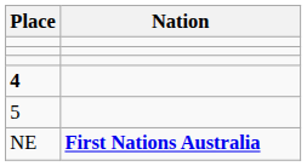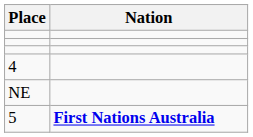 <table class=wikitable style=text-align:left>
 <tr>
 <th width=35>Place</th>
 <th width=185>Nation</th>
 </tr>
 <tr>
 <td></td>
 <td style=text-align:left><strong></strong></td>
 </tr>
 <tr>
 <td></td>
 <td style=text-align:left><strong></strong></td>
 </tr>
 <tr>
 <td></td>
 <td style=text-align:left><strong></strong></td>
 </tr>
 <tr>
-<td style=text-align:left><strong>4</strong></td>
+<td style=text-align:left>4</td>
+<td><strong></strong></td>
+</tr>
+<tr>
+<td style=text-align:left>NE</td>
 <td><strong></strong></td>
 </tr>
 <tr>
 <td style=text-align:left>5</td>
-<td><strong></strong></td>
-</tr>
-<tr>
-<td style=text-align:left>NE</td>
 <td> <strong><a href='#'>First Nations Australia</a></strong></td>
 </tr>
 </table>
